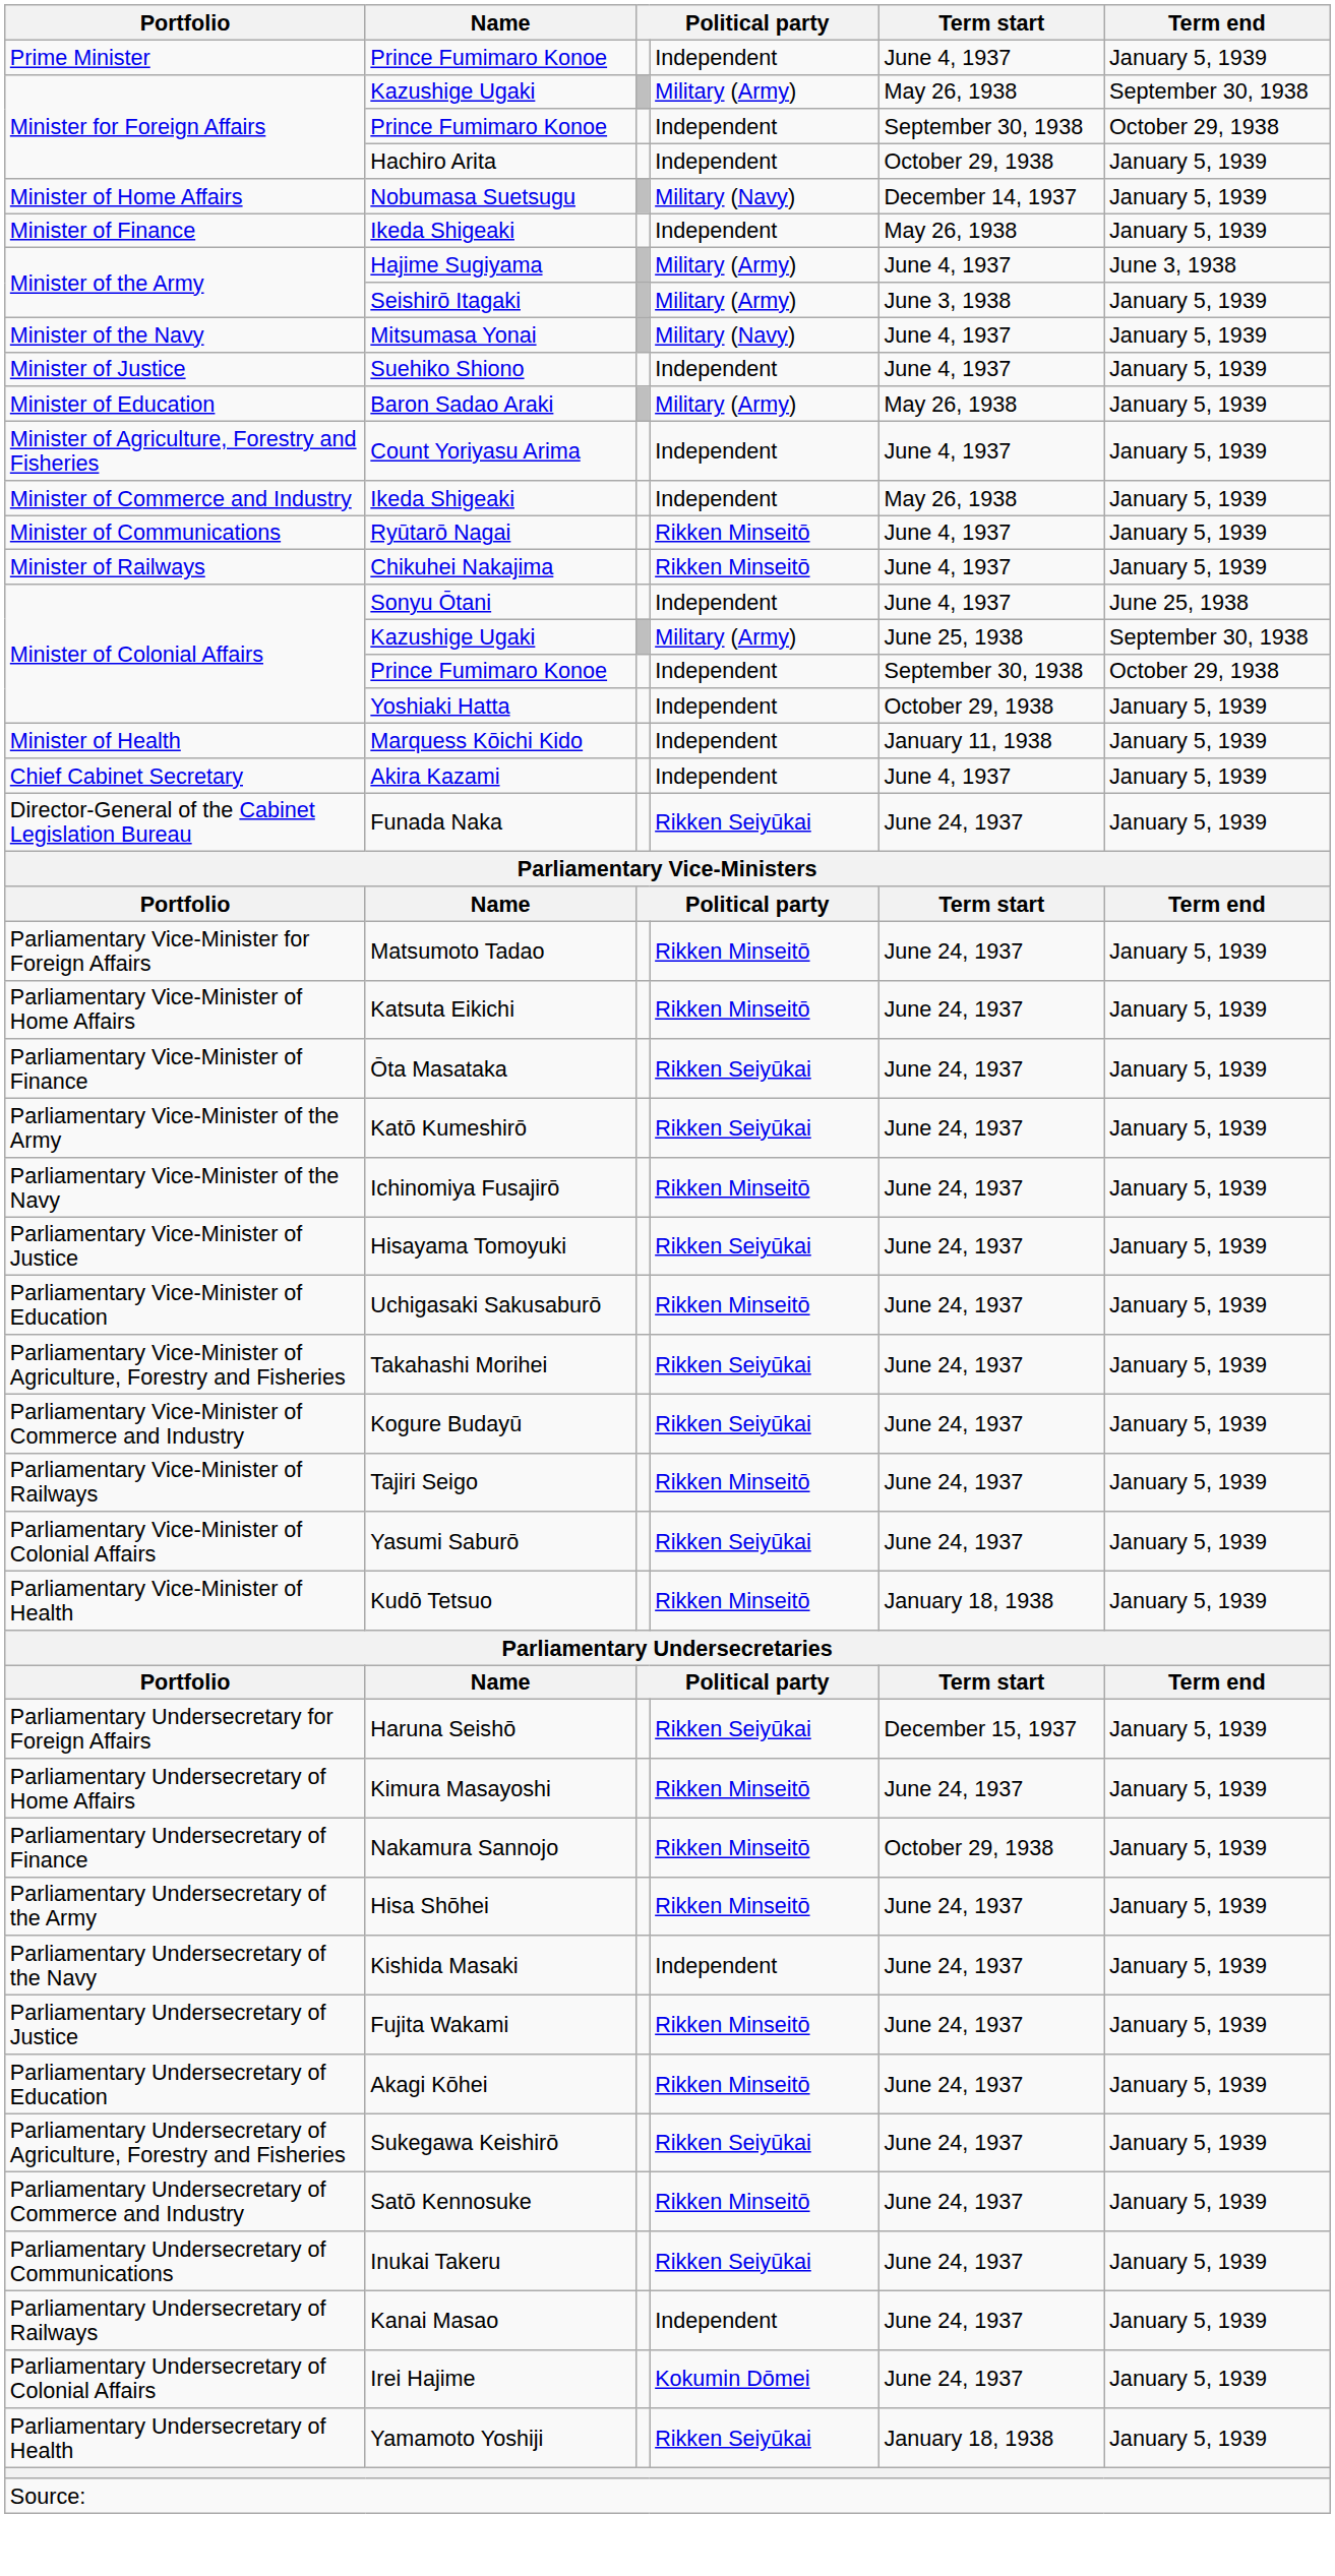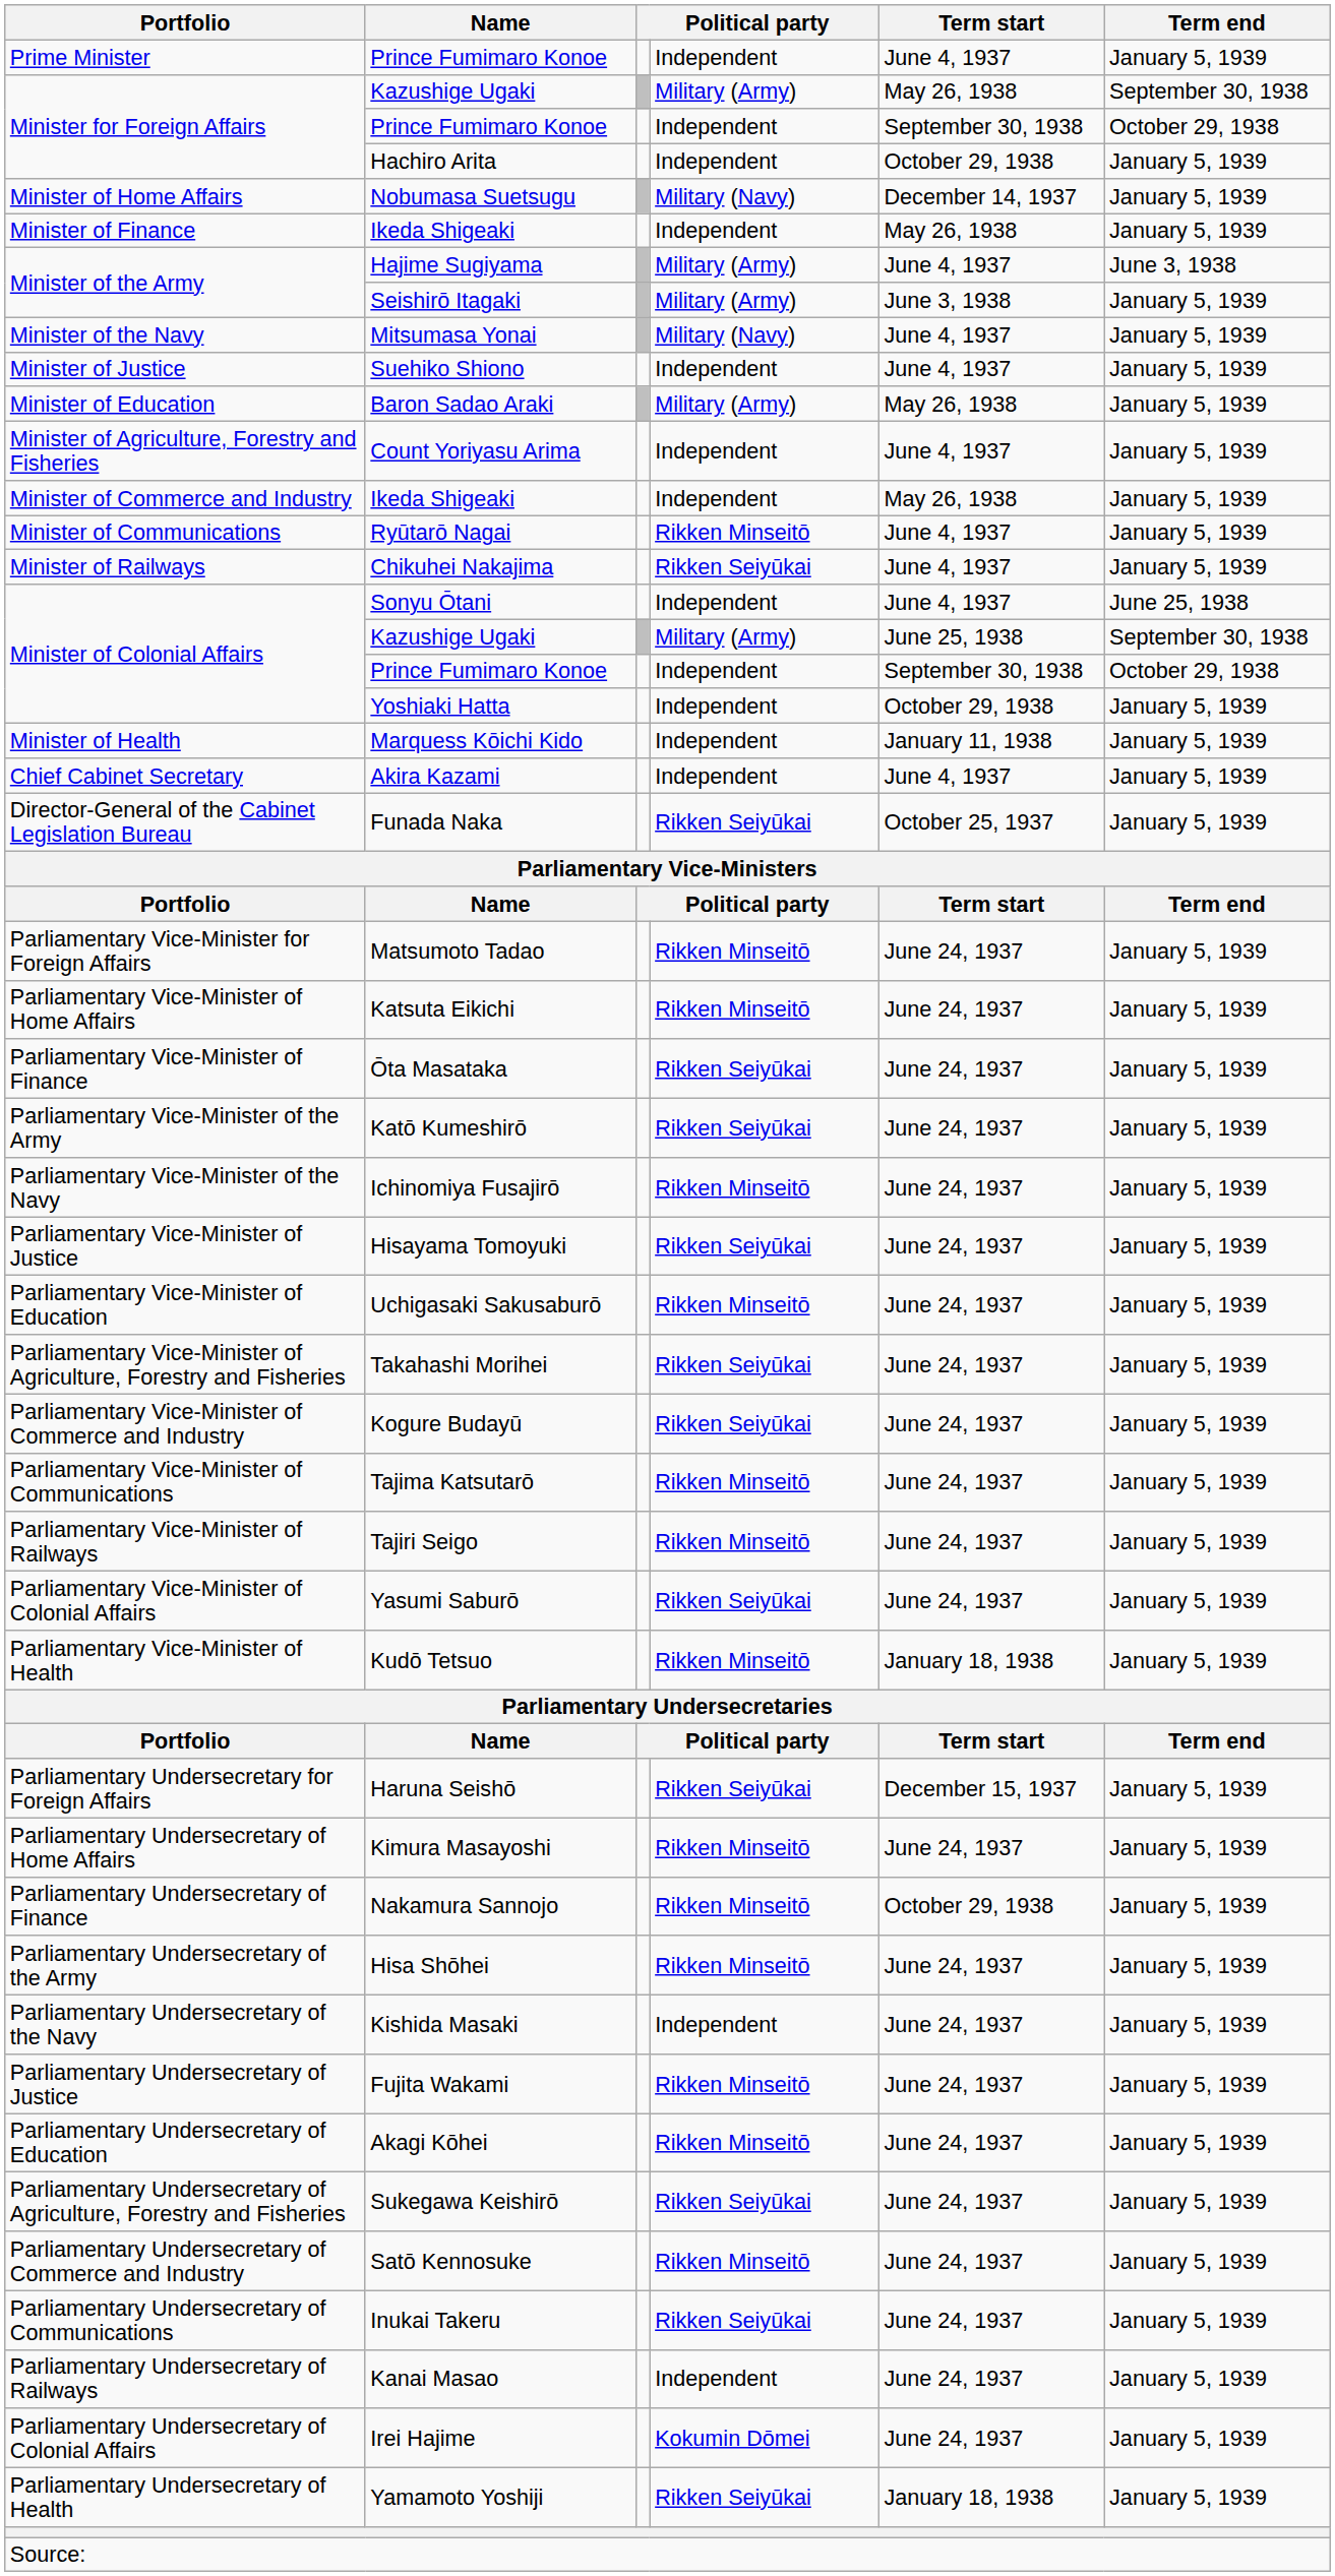 <table class="wikitable" style="font-size: 90%;">
 <tr>
 <th scope="col" width="20%">Portfolio</th>
 <th scope="col" width="15%">Name</th>
 <th colspan="2" scope="col" width="13.5%">Political party</th>
 <th scope="col" width="12.5%">Term start</th>
 <th scope="col" width="12.5%">Term end</th>
 </tr>
 <tr>
 <td style="text-align: left;"><a href='#'>Prime Minister</a></td>
 <td><a href='#'>Prince Fumimaro Konoe</a></td>
 <td style="color:inherit;background:"></td>
 <td>Independent</td>
 <td>June 4, 1937</td>
 <td>January 5, 1939</td>
 </tr>
 <tr>
 <td rowspan="3"><a href='#'>Minister for Foreign Affairs</a></td>
 <td><a href='#'>Kazushige Ugaki</a></td>
 <td style="color:inherit;background:#bfbfbf"></td>
 <td><a href='#'>Military</a> (<a href='#'>Army</a>)</td>
 <td>May 26, 1938</td>
 <td>September 30, 1938</td>
 </tr>
 <tr>
 <td><a href='#'>Prince Fumimaro Konoe</a></td>
 <td style="color:inherit;background:"></td>
 <td>Independent</td>
 <td>September 30, 1938</td>
 <td>October 29, 1938</td>
 </tr>
 <tr>
 <td>Hachiro Arita</td>
 <td style="color:inherit;background:"></td>
 <td>Independent</td>
 <td>October 29, 1938</td>
 <td>January 5, 1939</td>
 </tr>
 <tr>
 <td><a href='#'>Minister of Home Affairs</a></td>
 <td><a href='#'>Nobumasa Suetsugu</a></td>
 <td style="color:inherit;background:#bfbfbf"></td>
 <td><a href='#'>Military</a> (<a href='#'>Navy</a>)</td>
 <td>December 14, 1937</td>
 <td>January 5, 1939</td>
 </tr>
 <tr>
 <td><a href='#'>Minister of Finance</a></td>
 <td><a href='#'>Ikeda Shigeaki</a></td>
 <td style="color:inherit;background:"></td>
 <td>Independent</td>
 <td>May 26, 1938</td>
 <td>January 5, 1939</td>
 </tr>
 <tr>
 <td rowspan="2"><a href='#'>Minister of the Army</a></td>
 <td><a href='#'>Hajime Sugiyama</a></td>
 <td style="color:inherit;background:#bfbfbf"></td>
 <td><a href='#'>Military</a> (<a href='#'>Army</a>)</td>
 <td>June 4, 1937</td>
 <td>June 3, 1938</td>
 </tr>
 <tr>
 <td><a href='#'>Seishirō Itagaki</a></td>
 <td style="color:inherit;background:#bfbfbf"></td>
 <td><a href='#'>Military</a> (<a href='#'>Army</a>)</td>
 <td>June 3, 1938</td>
 <td>January 5, 1939</td>
 </tr>
 <tr>
 <td><a href='#'>Minister of the Navy</a></td>
 <td><a href='#'>Mitsumasa Yonai</a></td>
 <td style="color:inherit;background:#bfbfbf"></td>
 <td><a href='#'>Military</a> (<a href='#'>Navy</a>)</td>
 <td>June 4, 1937</td>
 <td>January 5, 1939</td>
 </tr>
 <tr>
 <td><a href='#'>Minister of Justice</a></td>
 <td><a href='#'>Suehiko Shiono</a></td>
 <td style="color:inherit;background:"></td>
 <td>Independent</td>
 <td>June 4, 1937</td>
 <td>January 5, 1939</td>
 </tr>
 <tr>
 <td><a href='#'>Minister of Education</a></td>
 <td><a href='#'>Baron Sadao Araki</a></td>
 <td style="color:inherit;background:#bfbfbf"></td>
 <td><a href='#'>Military</a> (<a href='#'>Army</a>)</td>
 <td>May 26, 1938</td>
 <td>January 5, 1939</td>
 </tr>
 <tr>
 <td><a href='#'>Minister of Agriculture, Forestry and Fisheries</a></td>
 <td><a href='#'>Count Yoriyasu Arima</a></td>
 <td style="color:inherit;background:"></td>
 <td>Independent</td>
 <td>June 4, 1937</td>
 <td>January 5, 1939</td>
 </tr>
 <tr>
 <td><a href='#'>Minister of Commerce and Industry</a></td>
 <td><a href='#'>Ikeda Shigeaki</a></td>
 <td style="color:inherit;background:"></td>
 <td>Independent</td>
 <td>May 26, 1938</td>
 <td>January 5, 1939</td>
 </tr>
 <tr>
 <td><a href='#'>Minister of Communications</a></td>
 <td><a href='#'>Ryūtarō Nagai</a></td>
 <td style="color:inherit;background:"></td>
 <td><a href='#'>Rikken Minseitō</a></td>
 <td>June 4, 1937</td>
 <td>January 5, 1939</td>
 </tr>
 <tr>
 <td><a href='#'>Minister of Railways</a></td>
 <td><a href='#'>Chikuhei Nakajima</a></td>
 <td style="color:inherit;background:"></td>
-<td><a href='#'>Rikken Minseitō</a></td>
+<td><a href='#'>Rikken Seiyūkai</a></td>
 <td>June 4, 1937</td>
 <td>January 5, 1939</td>
 </tr>
 <tr>
 <td rowspan="4"><a href='#'>Minister of Colonial Affairs</a></td>
 <td><a href='#'>Sonyu Ōtani</a></td>
 <td style="color:inherit;background:"></td>
 <td>Independent</td>
 <td>June 4, 1937</td>
 <td>June 25, 1938</td>
 </tr>
 <tr>
 <td><a href='#'>Kazushige Ugaki</a></td>
 <td style="color:inherit;background:#bfbfbf"></td>
 <td><a href='#'>Military</a> (<a href='#'>Army</a>)</td>
 <td>June 25, 1938</td>
 <td>September 30, 1938</td>
 </tr>
 <tr>
 <td><a href='#'>Prince Fumimaro Konoe</a></td>
 <td style="color:inherit;background:"></td>
 <td>Independent</td>
 <td>September 30, 1938</td>
 <td>October 29, 1938</td>
 </tr>
 <tr>
 <td><a href='#'>Yoshiaki Hatta</a></td>
 <td style="color:inherit;background:"></td>
 <td>Independent</td>
 <td>October 29, 1938</td>
 <td>January 5, 1939</td>
 </tr>
 <tr>
 <td><a href='#'>Minister of Health</a></td>
 <td><a href='#'>Marquess Kōichi Kido</a></td>
 <td style="color:inherit;background:"></td>
 <td>Independent</td>
 <td>January 11, 1938</td>
 <td>January 5, 1939</td>
 </tr>
 <tr>
 <td><a href='#'>Chief Cabinet Secretary</a></td>
 <td><a href='#'>Akira Kazami</a></td>
 <td style="color:inherit;background:"></td>
 <td>Independent</td>
 <td>June 4, 1937</td>
 <td>January 5, 1939</td>
 </tr>
 <tr>
 <td>Director-General of the <a href='#'>Cabinet Legislation Bureau</a></td>
 <td>Funada Naka</td>
 <td style="color:inherit;background:"></td>
 <td><a href='#'>Rikken Seiyūkai</a></td>
-<td>June 24, 1937</td>
+<td>October 25, 1937</td>
 <td>January 5, 1939</td>
 </tr>
 <tr>
 <th colspan="6">Parliamentary Vice-Ministers</th>
 </tr>
 <tr>
 <th>Portfolio</th>
 <th>Name</th>
 <th colspan="2">Political party</th>
 <th>Term start</th>
 <th>Term end</th>
 </tr>
 <tr>
 <td>Parliamentary Vice-Minister for Foreign Affairs</td>
 <td>Matsumoto Tadao</td>
 <td style="color:inherit;background:"></td>
 <td><a href='#'>Rikken Minseitō</a></td>
 <td>June 24, 1937</td>
 <td>January 5, 1939</td>
 </tr>
 <tr>
 <td>Parliamentary Vice-Minister of Home Affairs</td>
 <td>Katsuta Eikichi</td>
 <td style="color:inherit;background:"></td>
 <td><a href='#'>Rikken Minseitō</a></td>
 <td>June 24, 1937</td>
 <td>January 5, 1939</td>
 </tr>
 <tr>
 <td>Parliamentary Vice-Minister of Finance</td>
 <td>Ōta Masataka</td>
 <td style="color:inherit;background:"></td>
 <td><a href='#'>Rikken Seiyūkai</a></td>
 <td>June 24, 1937</td>
 <td>January 5, 1939</td>
 </tr>
 <tr>
 <td>Parliamentary Vice-Minister of the Army</td>
 <td>Katō Kumeshirō</td>
 <td style="color:inherit;background:"></td>
 <td><a href='#'>Rikken Seiyūkai</a></td>
 <td>June 24, 1937</td>
 <td>January 5, 1939</td>
 </tr>
 <tr>
 <td>Parliamentary Vice-Minister of the Navy</td>
 <td>Ichinomiya Fusajirō</td>
 <td style="color:inherit;background:"></td>
 <td><a href='#'>Rikken Minseitō</a></td>
 <td>June 24, 1937</td>
 <td>January 5, 1939</td>
 </tr>
 <tr>
 <td>Parliamentary Vice-Minister of Justice</td>
 <td>Hisayama Tomoyuki</td>
 <td style="color:inherit;background:"></td>
 <td><a href='#'>Rikken Seiyūkai</a></td>
 <td>June 24, 1937</td>
 <td>January 5, 1939</td>
 </tr>
 <tr>
 <td>Parliamentary Vice-Minister of Education</td>
 <td>Uchigasaki Sakusaburō</td>
 <td style="color:inherit;background:"></td>
 <td><a href='#'>Rikken Minseitō</a></td>
 <td>June 24, 1937</td>
 <td>January 5, 1939</td>
 </tr>
 <tr>
 <td>Parliamentary Vice-Minister of Agriculture, Forestry and Fisheries</td>
 <td>Takahashi Morihei</td>
 <td style="color:inherit;background:"></td>
 <td><a href='#'>Rikken Seiyūkai</a></td>
 <td>June 24, 1937</td>
 <td>January 5, 1939</td>
 </tr>
 <tr>
 <td>Parliamentary Vice-Minister of Commerce and Industry</td>
 <td>Kogure Budayū</td>
 <td style="color:inherit;background:"></td>
 <td><a href='#'>Rikken Seiyūkai</a></td>
+<td>June 24, 1937</td>
+<td>January 5, 1939</td>
+</tr>
+<tr>
+<td>Parliamentary Vice-Minister of Communications</td>
+<td>Tajima Katsutarō</td>
+<td style="color:inherit;background:"></td>
+<td><a href='#'>Rikken Minseitō</a></td>
 <td>June 24, 1937</td>
 <td>January 5, 1939</td>
 </tr>
 <tr>
 <td>Parliamentary Vice-Minister of Railways</td>
 <td>Tajiri Seigo</td>
 <td style="color:inherit;background:"></td>
 <td><a href='#'>Rikken Minseitō</a></td>
 <td>June 24, 1937</td>
 <td>January 5, 1939</td>
 </tr>
 <tr>
 <td>Parliamentary Vice-Minister of Colonial Affairs</td>
 <td>Yasumi Saburō</td>
 <td style="color:inherit;background:"></td>
 <td><a href='#'>Rikken Seiyūkai</a></td>
 <td>June 24, 1937</td>
 <td>January 5, 1939</td>
 </tr>
 <tr>
 <td>Parliamentary Vice-Minister of Health</td>
 <td>Kudō Tetsuo</td>
 <td style="color:inherit;background:"></td>
 <td><a href='#'>Rikken Minseitō</a></td>
 <td>January 18, 1938</td>
 <td>January 5, 1939</td>
 </tr>
 <tr>
 <th colspan="6">Parliamentary Undersecretaries</th>
 </tr>
 <tr>
 <th>Portfolio</th>
 <th>Name</th>
 <th colspan="2">Political party</th>
 <th>Term start</th>
 <th>Term end</th>
 </tr>
 <tr>
 <td>Parliamentary Undersecretary for Foreign Affairs</td>
 <td>Haruna Seishō</td>
 <td style="color:inherit;background:"></td>
 <td><a href='#'>Rikken Seiyūkai</a></td>
 <td>December 15, 1937</td>
 <td>January 5, 1939</td>
 </tr>
 <tr>
 <td>Parliamentary Undersecretary of Home Affairs</td>
 <td>Kimura Masayoshi</td>
 <td style="color:inherit;background:"></td>
 <td><a href='#'>Rikken Minseitō</a></td>
 <td>June 24, 1937</td>
 <td>January 5, 1939</td>
 </tr>
 <tr>
 <td>Parliamentary Undersecretary of Finance</td>
 <td>Nakamura Sannojo</td>
 <td style="color:inherit;background:"></td>
 <td><a href='#'>Rikken Minseitō</a></td>
 <td>October 29, 1938</td>
 <td>January 5, 1939</td>
 </tr>
 <tr>
 <td>Parliamentary Undersecretary of the Army</td>
 <td>Hisa Shōhei</td>
 <td style="color:inherit;background:"></td>
 <td><a href='#'>Rikken Minseitō</a></td>
 <td>June 24, 1937</td>
 <td>January 5, 1939</td>
 </tr>
 <tr>
 <td>Parliamentary Undersecretary of the Navy</td>
 <td>Kishida Masaki</td>
 <td style="color:inherit;background:"></td>
 <td>Independent</td>
 <td>June 24, 1937</td>
 <td>January 5, 1939</td>
 </tr>
 <tr>
 <td>Parliamentary Undersecretary of Justice</td>
 <td>Fujita Wakami</td>
 <td style="color:inherit;background:"></td>
 <td><a href='#'>Rikken Minseitō</a></td>
 <td>June 24, 1937</td>
 <td>January 5, 1939</td>
 </tr>
 <tr>
 <td>Parliamentary Undersecretary of Education</td>
 <td>Akagi Kōhei</td>
 <td style="color:inherit;background:"></td>
 <td><a href='#'>Rikken Minseitō</a></td>
 <td>June 24, 1937</td>
 <td>January 5, 1939</td>
 </tr>
 <tr>
 <td>Parliamentary Undersecretary of Agriculture, Forestry and Fisheries</td>
 <td>Sukegawa Keishirō</td>
 <td style="color:inherit;background:"></td>
 <td><a href='#'>Rikken Seiyūkai</a></td>
 <td>June 24, 1937</td>
 <td>January 5, 1939</td>
 </tr>
 <tr>
 <td>Parliamentary Undersecretary of Commerce and Industry</td>
 <td>Satō Kennosuke</td>
 <td style="color:inherit;background:"></td>
 <td><a href='#'>Rikken Minseitō</a></td>
 <td>June 24, 1937</td>
 <td>January 5, 1939</td>
 </tr>
 <tr>
 <td>Parliamentary Undersecretary of Communications</td>
 <td>Inukai Takeru</td>
 <td style="color:inherit;background:"></td>
 <td><a href='#'>Rikken Seiyūkai</a></td>
 <td>June 24, 1937</td>
 <td>January 5, 1939</td>
 </tr>
 <tr>
 <td>Parliamentary Undersecretary of Railways</td>
 <td>Kanai Masao</td>
 <td style="color:inherit;background:"></td>
 <td>Independent</td>
 <td>June 24, 1937</td>
 <td>January 5, 1939</td>
 </tr>
 <tr>
 <td>Parliamentary Undersecretary of Colonial Affairs</td>
 <td>Irei Hajime</td>
 <td style="color:inherit;background:"></td>
 <td><a href='#'>Kokumin Dōmei</a></td>
 <td>June 24, 1937</td>
 <td>January 5, 1939</td>
 </tr>
 <tr>
 <td>Parliamentary Undersecretary of Health</td>
 <td>Yamamoto Yoshiji</td>
 <td style="color:inherit;background:"></td>
 <td><a href='#'>Rikken Seiyūkai</a></td>
 <td>January 18, 1938</td>
 <td>January 5, 1939</td>
 </tr>
 <tr>
 <th colspan="6"></th>
 </tr>
 <tr>
 <td colspan="6">Source:</td>
 </tr>
 </table>
